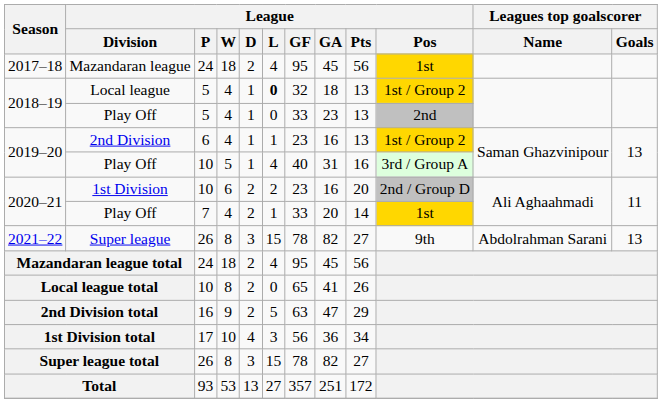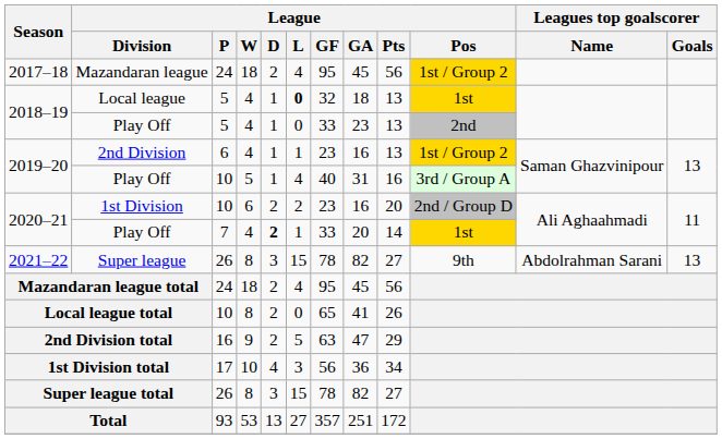 <table class="wikitable" style="text-align: center">
 <tr>
 <th rowspan=2>Season</th>
 <th colspan=10>League</th>
 <th colspan=2>Leagues top goalscorer</th>
 </tr>
 <tr>
 <th colspan=2>Division</th>
 <th>P</th>
 <th>W</th>
 <th>D</th>
 <th>L</th>
 <th>GF</th>
 <th>GA</th>
 <th>Pts</th>
 <th>Pos</th>
 <th>Name</th>
 <th>Goals</th>
 </tr>
 <tr>
 <td>2017–18</td>
 <td colspan=2>Mazandaran league</td>
 <td>24</td>
 <td>18</td>
 <td>2</td>
 <td>4</td>
 <td>95</td>
 <td>45</td>
 <td>56</td>
-<td bgcolor=gold>1st</td>
+<td bgcolor=gold>1st / Group 2</td>
 <td></td>
 <td></td>
 </tr>
 <tr>
 <td rowspan=2>2018–19</td>
 <td colspan=2>Local league</td>
 <td>5</td>
 <td>4</td>
 <td>1</td>
 <td><strong>0</strong></td>
 <td>32</td>
 <td>18</td>
 <td>13</td>
-<td bgcolor=gold>1st / Group 2</td>
+<td bgcolor=gold>1st</td>
 <td rowspan=2></td>
 <td rowspan=2></td>
 </tr>
 <tr>
 <td colspan=2>Play Off</td>
 <td>5</td>
 <td>4</td>
 <td>1</td>
 <td>0</td>
 <td>33</td>
 <td>23</td>
 <td>13</td>
 <td bgcolor=Silver>2nd</td>
 </tr>
 <tr>
 <td rowspan=2>2019–20</td>
 <td colspan=2><a href='#'>2nd Division</a></td>
 <td>6</td>
 <td>4</td>
 <td>1</td>
 <td>1</td>
 <td>23</td>
 <td>16</td>
 <td>13</td>
 <td bgcolor=gold>1st / Group 2</td>
 <td rowspan=2>Saman Ghazvinipour</td>
 <td rowspan=2>13</td>
 </tr>
 <tr>
 <td colspan=2>Play Off</td>
 <td>10</td>
 <td>5</td>
 <td>1</td>
 <td>4</td>
 <td>40</td>
 <td>31</td>
 <td>16</td>
 <td bgcolor="#DDFFDD">3rd / Group A</td>
 </tr>
 <tr>
 <td rowspan=2>2020–21</td>
 <td colspan=2><a href='#'>1st Division</a></td>
 <td>10</td>
 <td>6</td>
 <td>2</td>
 <td>2</td>
 <td>23</td>
 <td>16</td>
 <td>20</td>
 <td bgcolor=Silver>2nd / Group D</td>
 <td rowspan=2>Ali Aghaahmadi</td>
 <td rowspan=2>11</td>
 </tr>
 <tr>
 <td colspan=2>Play Off</td>
 <td>7</td>
 <td>4</td>
-<td>2</td>
+<td><strong>2</strong></td>
 <td>1</td>
 <td>33</td>
 <td>20</td>
 <td>14</td>
 <td bgcolor=gold>1st</td>
 </tr>
 <tr>
 <td><a href='#'>2021–22</a></td>
 <td colspan=2><a href='#'>Super league</a></td>
 <td>26</td>
 <td>8</td>
 <td>3</td>
 <td>15</td>
 <td>78</td>
 <td>82</td>
 <td>27</td>
 <td>9th</td>
 <td>Abdolrahman Sarani</td>
 <td>13</td>
 </tr>
 <tr>
 <th colspan=3>Mazandaran league total</th>
 <td>24</td>
 <td>18</td>
 <td>2</td>
 <td>4</td>
 <td>95</td>
 <td>45</td>
 <td>56</td>
 <th colspan=5></th>
 </tr>
 <tr>
 <th colspan=3>Local league total</th>
 <td>10</td>
 <td>8</td>
 <td>2</td>
 <td>0</td>
 <td>65</td>
 <td>41</td>
 <td>26</td>
 <th colspan=5></th>
 </tr>
 <tr>
 <th colspan=3>2nd Division total</th>
 <td>16</td>
 <td>9</td>
 <td>2</td>
 <td>5</td>
 <td>63</td>
 <td>47</td>
 <td>29</td>
 <th colspan=5></th>
 </tr>
 <tr>
 <th colspan=3>1st Division total</th>
 <td>17</td>
 <td>10</td>
 <td>4</td>
 <td>3</td>
 <td>56</td>
 <td>36</td>
 <td>34</td>
 <th colspan=5></th>
 </tr>
 <tr>
 <th colspan=3>Super league total</th>
 <td>26</td>
 <td>8</td>
 <td>3</td>
 <td>15</td>
 <td>78</td>
 <td>82</td>
 <td>27</td>
 <th colspan=5></th>
 </tr>
 <tr>
 <th colspan=3>Total</th>
 <td>93</td>
 <td>53</td>
 <td>13</td>
 <td>27</td>
 <td>357</td>
 <td>251</td>
 <td>172</td>
 <th colspan=5></th>
 </tr>
 <tr>
 </tr>
 </table>
